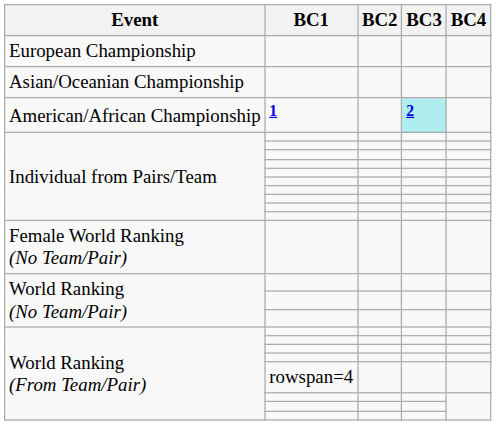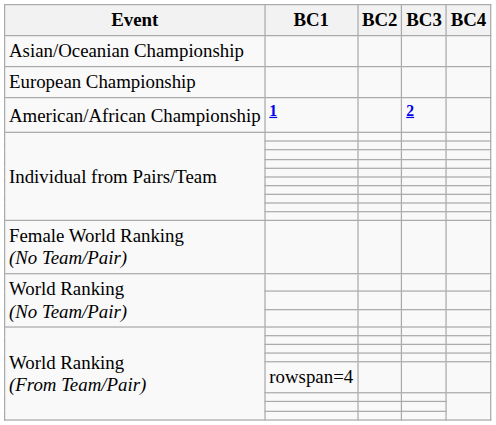 <table class="wikitable" style="font-size:95%">
 <tr>
 <th>Event</th>
 <th>BC1</th>
 <th>BC2</th>
 <th>BC3</th>
 <th>BC4</th>
 </tr>
 <tr>
-<td>European Championship</td>
+<td>Asian/Oceanian Championship</td>
 <td></td>
 <td></td>
 <td></td>
 <td></td>
 </tr>
 <tr>
-<td>Asian/Oceanian Championship</td>
+<td>European Championship</td>
 <td></td>
 <td></td>
 <td></td>
 <td></td>
 </tr>
 <tr>
 <td>American/African Championship</td>
 <td><sup><strong><a href='#'>1</a></strong></sup></td>
 <td></td>
-<td style="background: paleturquoise;"><sup><strong><a href='#'>2</a></strong></sup></td>
+<td><sup><strong><a href='#'>2</a></strong></sup></td>
 <td></td>
 </tr>
 <tr>
 <td rowspan=10>Individual from Pairs/Team</td>
 <td></td>
 <td></td>
 <td></td>
 <td></td>
 </tr>
 <tr>
 <td></td>
 <td></td>
 <td></td>
 <td></td>
 </tr>
 <tr>
 <td></td>
 <td></td>
 <td></td>
 <td></td>
 </tr>
 <tr>
 <td></td>
 <td></td>
 <td></td>
 <td></td>
 </tr>
 <tr>
 <td></td>
 <td></td>
 <td></td>
 <td></td>
 </tr>
 <tr>
 <td></td>
 <td></td>
 <td></td>
 <td></td>
 </tr>
 <tr>
 <td></td>
 <td></td>
 <td></td>
 <td></td>
 </tr>
 <tr>
 <td></td>
 <td></td>
 <td></td>
 <td></td>
 </tr>
 <tr>
 <td></td>
 <td></td>
 <td></td>
 <td></td>
 </tr>
 <tr>
 <td></td>
 <td></td>
 <td></td>
 <td></td>
 </tr>
 <tr>
 <td>Female World Ranking<br> <em>(No Team/Pair)</em></td>
 <td></td>
 <td></td>
 <td></td>
 <td></td>
 </tr>
 <tr>
 <td rowspan=3>World Ranking<br> <em>(No Team/Pair)</em></td>
 <td></td>
 <td></td>
 <td></td>
 <td></td>
 </tr>
 <tr>
 <td></td>
 <td></td>
 <td></td>
 <td></td>
 </tr>
 <tr>
 <td></td>
 <td></td>
 <td></td>
 <td></td>
 </tr>
 <tr>
 <td rowspan=8>World Ranking<br> <em>(From Team/Pair)</em></td>
 <td></td>
 <td></td>
 <td></td>
 <td></td>
 </tr>
 <tr>
 <td></td>
 <td></td>
 <td></td>
 <td></td>
 </tr>
 <tr>
 <td></td>
 <td></td>
 <td></td>
 <td></td>
 </tr>
 <tr>
 <td></td>
 <td></td>
 <td></td>
 <td></td>
 </tr>
 <tr>
 <td>rowspan=4 </td>
 <td></td>
 <td></td>
 <td></td>
 </tr>
 <tr>
 <td></td>
 <td></td>
 <td></td>
 </tr>
 <tr>
 <td></td>
 <td></td>
 <td></td>
 </tr>
 <tr>
 <td></td>
 <td></td>
 <td></td>
 </tr>
 </table>
